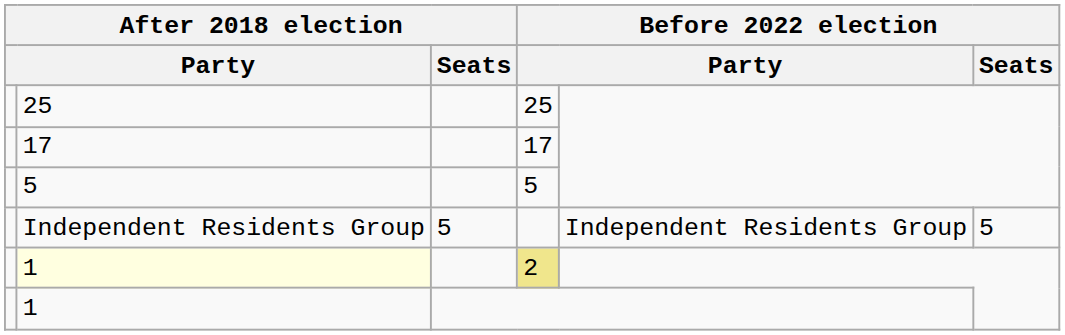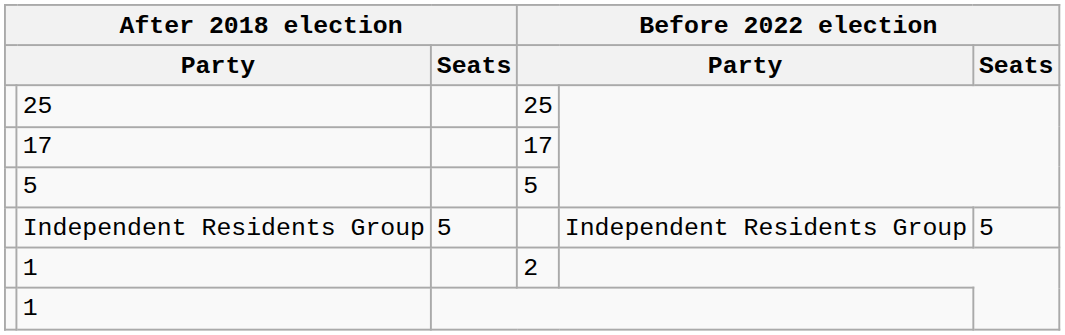 <table class="wikitable">
 <tr>
 <th colspan="3">After 2018 election</th>
 <th colspan="3">Before 2022 election</th>
 </tr>
 <tr>
 <th colspan="2">Party</th>
 <th>Seats</th>
 <th colspan="2">Party</th>
 <th>Seats</th>
 </tr>
 <tr>
 <td></td>
 <td>25</td>
 <td></td>
 <td>25</td>
 </tr>
 <tr>
 <td></td>
 <td>17</td>
 <td></td>
 <td>17</td>
 </tr>
 <tr>
 <td></td>
 <td>5</td>
 <td></td>
 <td>5</td>
 </tr>
 <tr>
 <td></td>
 <td>Independent Residents Group</td>
 <td>5</td>
 <td></td>
 <td>Independent Residents Group</td>
 <td>5</td>
 </tr>
 <tr>
 <td></td>
-<td style="background: lightyellow;">1</td>
+<td>1</td>
 <td></td>
-<td style="background: khaki;">2</td>
+<td>2</td>
 </tr>
 <tr>
 <td></td>
 <td>1</td>
 <td colspan="3"></td>
 </tr>
 </table>
